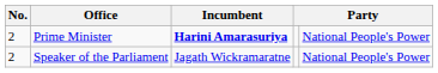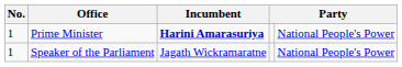 <table class=wikitable>
 <tr>
 <th><abbr>No.</abbr></th>
 <th>Office</th>
 <th>Incumbent</th>
 <th colspan=2>Party</th>
 </tr>
 <tr>
-<td>2</td>
+<td>1</td>
 <td><a href='#'>Prime Minister</a></td>
 <td><strong><a href='#'>Harini Amarasuriya</a></strong></td>
 <td style="background: "></td>
 <td><a href='#'>National People's Power</a></td>
 </tr>
 <tr>
-<td>2</td>
+<td>1</td>
 <td><a href='#'>Speaker of the Parliament</a></td>
 <td><a href='#'>Jagath Wickramaratne</a></td>
 <td style="background: "></td>
 <td><a href='#'>National People's Power</a></td>
 </tr>
 </table>
